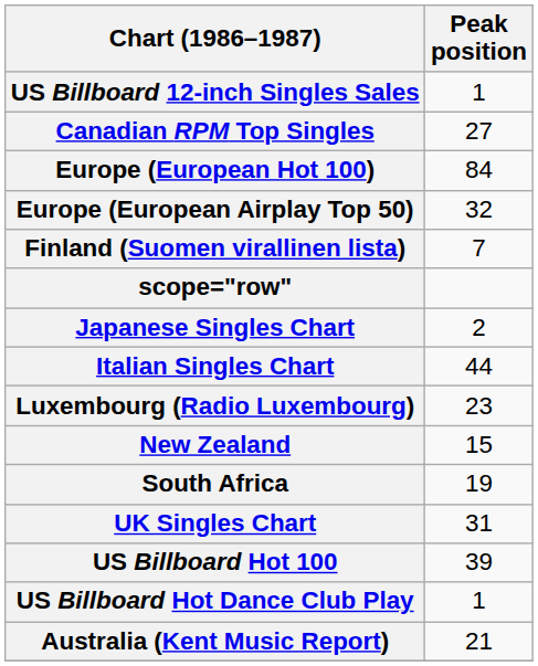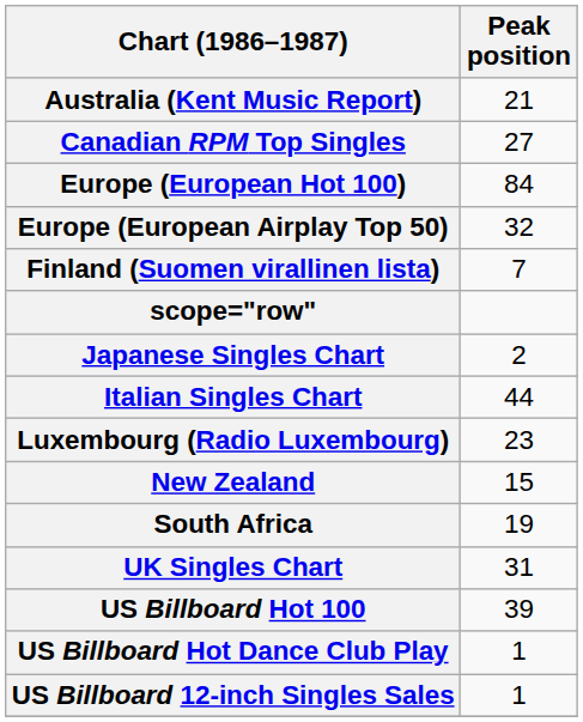 <table class="wikitable sortable  plainrowheaders">
 <tr>
 <th>Chart (1986–1987)</th>
 <th>Peak<br>position</th>
 </tr>
 <tr>
-<th scope="row">US <em>Billboard</em> <a href='#'>12-inch Singles Sales</a></th>
-<td align="center">1</td>
+<th scope="row">Australia (<a href='#'>Kent Music Report</a>)</th>
+<td align="center">21</td>
 </tr>
 <tr>
 <th scope="row"><a href='#'>Canadian <em>RPM</em> Top Singles</a></th>
 <td align="center">27</td>
 </tr>
 <tr>
 <th scope="row">Europe (<a href='#'>European Hot 100</a>)</th>
 <td align="center">84</td>
 </tr>
 <tr>
 <th scope="row">Europe (European Airplay Top 50)</th>
 <td style="text-align:center;">32</td>
 </tr>
 <tr>
 <th scope="row">Finland (<a href='#'>Suomen virallinen lista</a>)</th>
 <td align="center">7</td>
 </tr>
 <tr>
 <th>scope="row"</th>
 </tr>
 <tr>
 <th scope="row"><a href='#'>Japanese Singles Chart</a></th>
 <td align="center">2</td>
 </tr>
 <tr>
 <th scope="row"><a href='#'>Italian Singles Chart</a></th>
 <td align="center">44</td>
 </tr>
 <tr>
 <th scope="row">Luxembourg (<a href='#'>Radio Luxembourg</a>)</th>
 <td align="center">23</td>
 </tr>
 <tr>
 <th scope="row"><a href='#'>New Zealand</a></th>
 <td align="center">15</td>
 </tr>
 <tr>
 <th scope="row">South Africa</th>
 <td align="center">19</td>
 </tr>
 <tr>
 <th scope="row"><a href='#'>UK Singles Chart</a></th>
 <td align="center">31</td>
 </tr>
 <tr>
 <th scope="row">US <em>Billboard</em> <a href='#'>Hot 100</a></th>
 <td align="center">39</td>
 </tr>
 <tr>
 <th scope="row">US <em>Billboard</em> <a href='#'>Hot Dance Club Play</a></th>
 <td align="center">1</td>
 </tr>
 <tr>
-<th scope="row">Australia (<a href='#'>Kent Music Report</a>)</th>
-<td align="center">21</td>
+<th scope="row">US <em>Billboard</em> <a href='#'>12-inch Singles Sales</a></th>
+<td align="center">1</td>
 </tr>
 <tr>
 </tr>
 </table>
